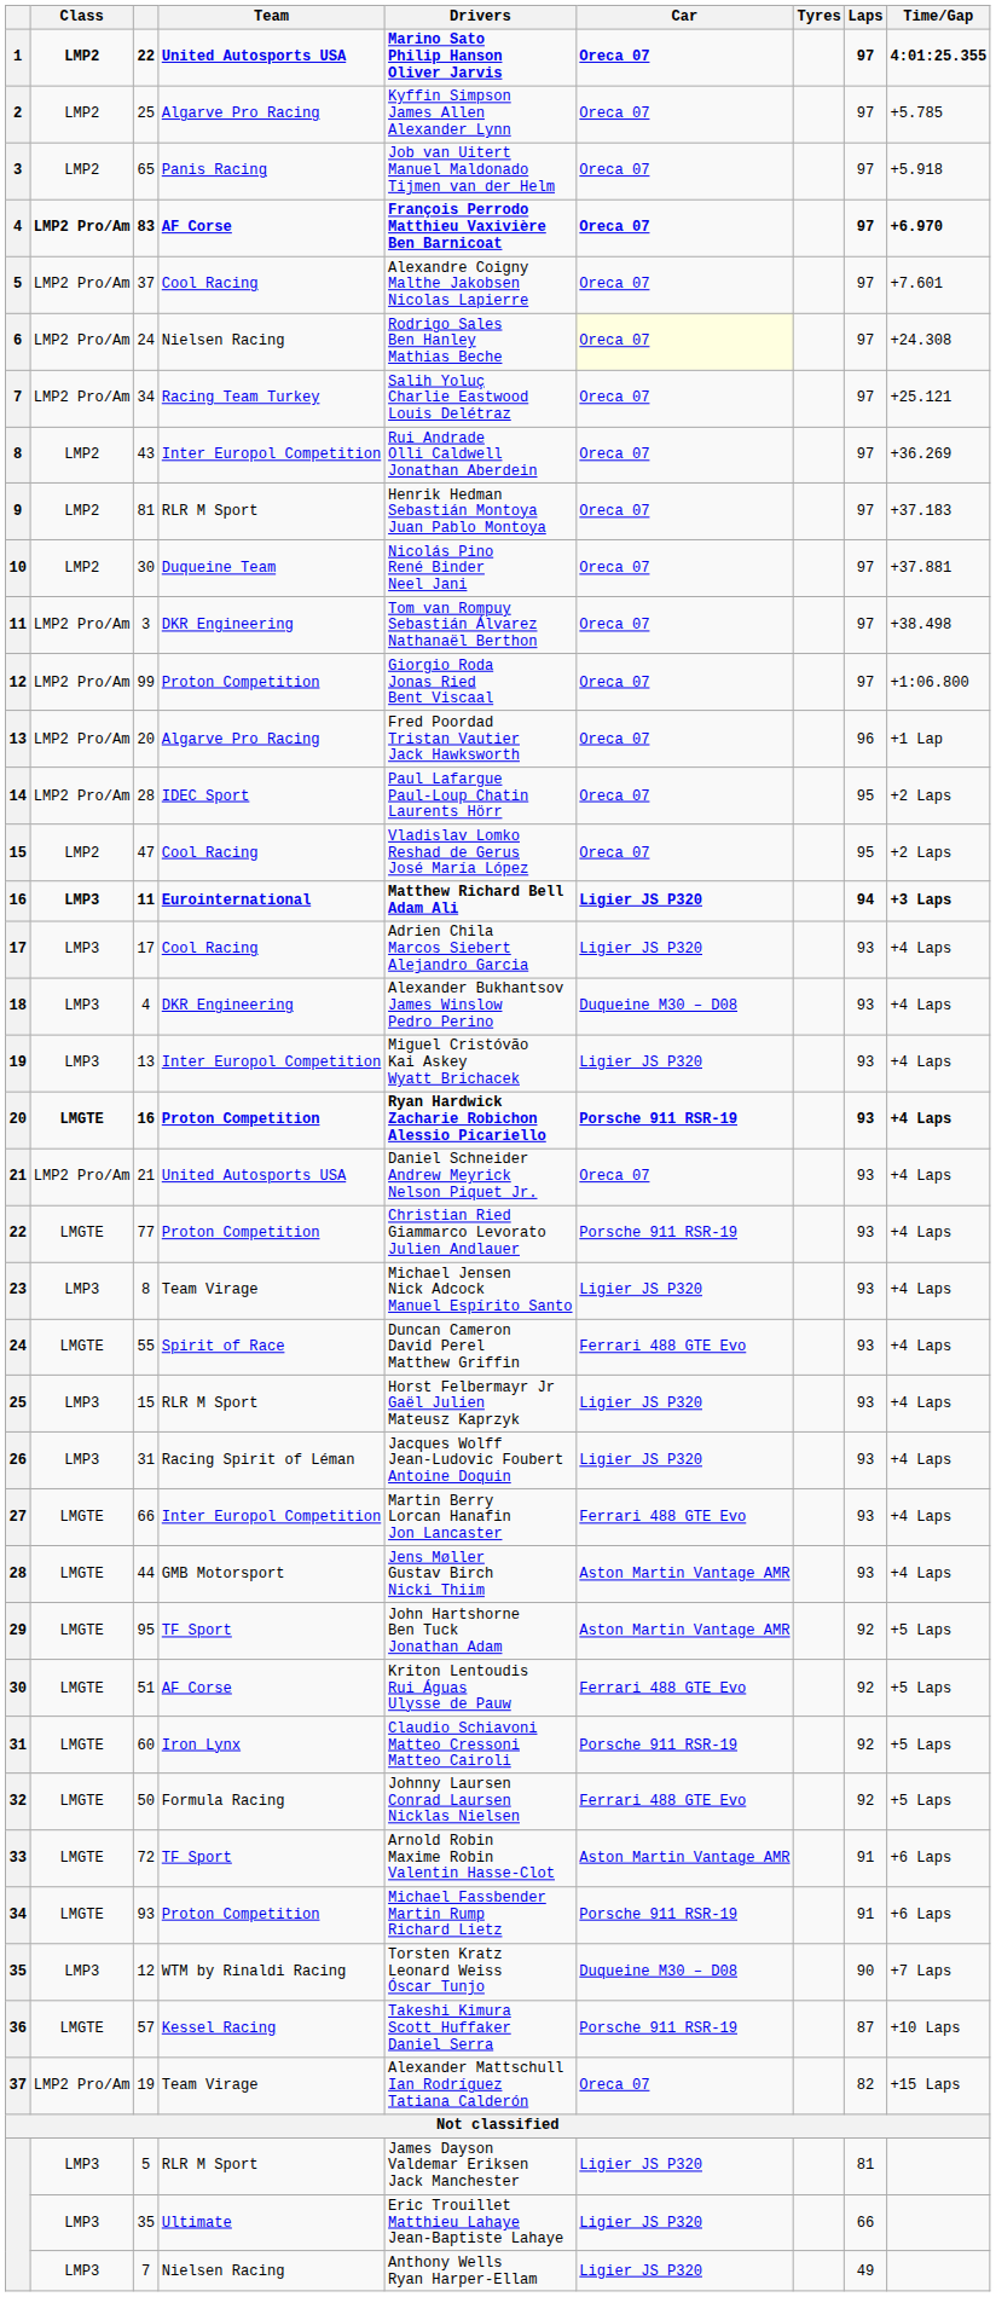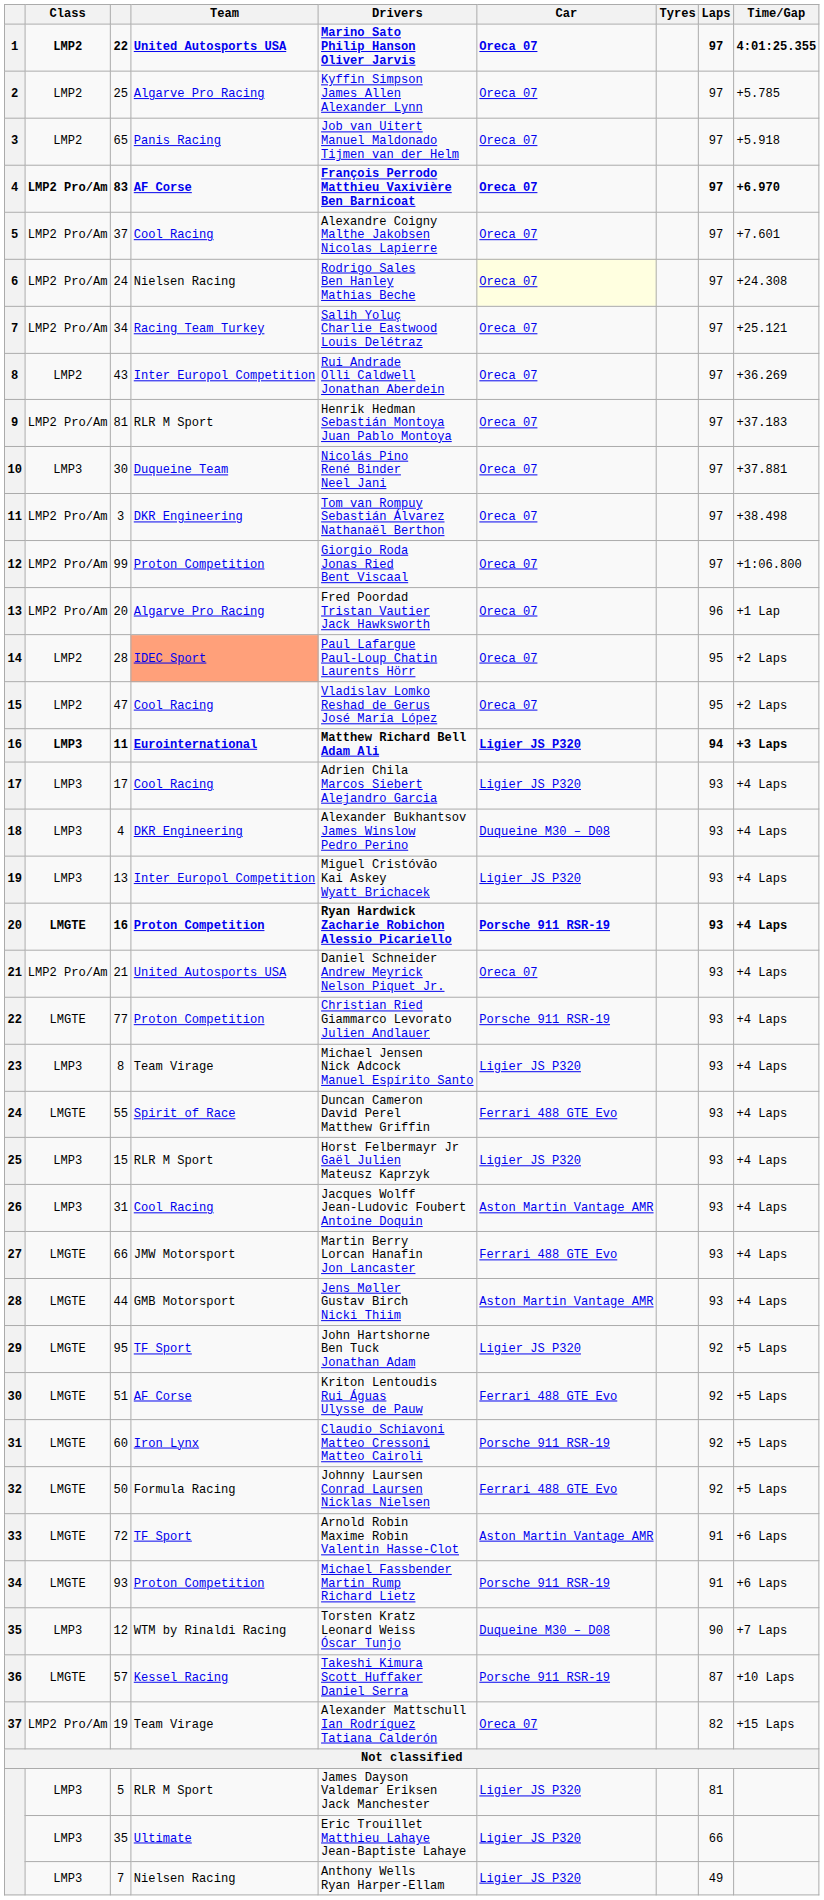 <table class="wikitable" style="font-size:95%;">
 <tr>
 <th></th>
 <th>Class</th>
 <th></th>
 <th>Team</th>
 <th>Drivers</th>
 <th>Car</th>
 <th>Tyres</th>
 <th>Laps</th>
 <th>Time/Gap</th>
 </tr>
 <tr style="font-weight: bold;">
 <th>1</th>
 <td align="center">LMP2</td>
 <td align="center">22</td>
 <td> <a href='#'>United Autosports USA</a></td>
 <td> <a href='#'>Marino Sato</a><br> <a href='#'>Philip Hanson</a><br> <a href='#'>Oliver Jarvis</a></td>
 <td><a href='#'>Oreca 07</a></td>
 <td align="center"></td>
 <td align="center">97</td>
 <td align="center">4:01:25.355</td>
 </tr>
 <tr>
 <th>2</th>
 <td align="center">LMP2</td>
 <td align="center">25</td>
 <td> <a href='#'>Algarve Pro Racing</a></td>
 <td> <a href='#'>Kyffin Simpson</a><br> <a href='#'>James Allen</a><br> <a href='#'>Alexander Lynn</a></td>
 <td><a href='#'>Oreca 07</a></td>
 <td align="center"></td>
 <td align="center">97</td>
 <td>+5.785</td>
 </tr>
 <tr>
 <th>3</th>
 <td align="center">LMP2</td>
 <td align="center">65</td>
 <td> <a href='#'>Panis Racing</a></td>
 <td> <a href='#'>Job van Uitert</a><br> <a href='#'>Manuel Maldonado</a><br> <a href='#'>Tijmen van der Helm</a></td>
 <td><a href='#'>Oreca 07</a></td>
 <td align="center"></td>
 <td align="center">97</td>
 <td>+5.918</td>
 </tr>
 <tr style="font-weight: bold;">
 <th>4</th>
 <td align="center">LMP2 Pro/Am</td>
 <td align="center">83</td>
 <td> <a href='#'>AF Corse</a></td>
 <td> <a href='#'>François Perrodo</a><br> <a href='#'>Matthieu Vaxivière</a><br> <a href='#'>Ben Barnicoat</a></td>
 <td><a href='#'>Oreca 07</a></td>
 <td align="center"></td>
 <td align="center">97</td>
 <td>+6.970</td>
 </tr>
 <tr>
 <th>5</th>
 <td align="center">LMP2 Pro/Am</td>
 <td align="center">37</td>
 <td> <a href='#'>Cool Racing</a></td>
 <td> Alexandre Coigny<br> <a href='#'>Malthe Jakobsen</a><br> <a href='#'>Nicolas Lapierre</a></td>
 <td><a href='#'>Oreca 07</a></td>
 <td align="center"></td>
 <td align="center">97</td>
 <td>+7.601</td>
 </tr>
 <tr>
 <th>6</th>
 <td align="center">LMP2 Pro/Am</td>
 <td align="center">24</td>
 <td> Nielsen Racing</td>
 <td> <a href='#'>Rodrigo Sales</a><br> <a href='#'>Ben Hanley</a><br> <a href='#'>Mathias Beche</a></td>
 <td style="background: lightyellow;"><a href='#'>Oreca 07</a></td>
 <td align="center"></td>
 <td align="center">97</td>
 <td>+24.308</td>
 </tr>
 <tr>
 <th>7</th>
 <td align="center">LMP2 Pro/Am</td>
 <td align="center">34</td>
 <td> <a href='#'>Racing Team Turkey</a></td>
 <td> <a href='#'>Salih Yoluç</a><br> <a href='#'>Charlie Eastwood</a><br> <a href='#'>Louis Delétraz</a></td>
 <td><a href='#'>Oreca 07</a></td>
 <td align="center"></td>
 <td align="center">97</td>
 <td>+25.121</td>
 </tr>
 <tr>
 <th>8</th>
 <td align="center">LMP2</td>
 <td align="center">43</td>
 <td> <a href='#'>Inter Europol Competition</a></td>
 <td> <a href='#'>Rui Andrade</a><br> <a href='#'>Olli Caldwell</a><br> <a href='#'>Jonathan Aberdein</a></td>
 <td><a href='#'>Oreca 07</a></td>
 <td align="center"></td>
 <td align="center">97</td>
 <td>+36.269</td>
 </tr>
 <tr>
 <th>9</th>
-<td align="center">LMP2</td>
+<td align="center">LMP2 Pro/Am</td>
 <td align="center">81</td>
 <td> RLR M Sport</td>
 <td> Henrik Hedman<br> <a href='#'>Sebastián Montoya</a><br> <a href='#'>Juan Pablo Montoya</a></td>
 <td><a href='#'>Oreca 07</a></td>
 <td align="center"></td>
 <td align="center">97</td>
 <td>+37.183</td>
 </tr>
 <tr>
 <th>10</th>
-<td align="center">LMP2</td>
+<td align="center">LMP3</td>
 <td align="center">30</td>
 <td> <a href='#'>Duqueine Team</a></td>
 <td> <a href='#'>Nicolás Pino</a><br> <a href='#'>René Binder</a><br> <a href='#'>Neel Jani</a></td>
 <td><a href='#'>Oreca 07</a></td>
 <td align="center"></td>
 <td align="center">97</td>
 <td>+37.881</td>
 </tr>
 <tr>
 <th>11</th>
 <td align="center">LMP2 Pro/Am</td>
 <td align="center">3</td>
 <td> <a href='#'>DKR Engineering</a></td>
 <td> <a href='#'>Tom van Rompuy</a><br> <a href='#'>Sebastián Álvarez</a><br> <a href='#'>Nathanaël Berthon</a></td>
 <td><a href='#'>Oreca 07</a></td>
 <td align="center"></td>
 <td align="center">97</td>
 <td>+38.498</td>
 </tr>
 <tr>
 <th>12</th>
 <td align="center">LMP2 Pro/Am</td>
 <td align="center">99</td>
 <td> <a href='#'>Proton Competition</a></td>
 <td> <a href='#'>Giorgio Roda</a><br> <a href='#'>Jonas Ried</a><br> <a href='#'>Bent Viscaal</a></td>
 <td><a href='#'>Oreca 07</a></td>
 <td align="center"></td>
 <td align="center">97</td>
 <td>+1:06.800</td>
 </tr>
 <tr>
 <th>13</th>
 <td align="center">LMP2 Pro/Am</td>
 <td align="center">20</td>
 <td> <a href='#'>Algarve Pro Racing</a></td>
 <td> Fred Poordad<br> <a href='#'>Tristan Vautier</a><br> <a href='#'>Jack Hawksworth</a></td>
 <td><a href='#'>Oreca 07</a></td>
 <td align="center"></td>
 <td align="center">96</td>
 <td>+1 Lap</td>
 </tr>
 <tr>
 <th>14</th>
-<td align="center">LMP2 Pro/Am</td>
+<td align="center">LMP2</td>
 <td align="center">28</td>
-<td> <a href='#'>IDEC Sport</a></td>
+<td style="background: lightsalmon;"> <a href='#'>IDEC Sport</a></td>
 <td> <a href='#'>Paul Lafargue</a><br> <a href='#'>Paul-Loup Chatin</a><br> <a href='#'>Laurents Hörr</a></td>
 <td><a href='#'>Oreca 07</a></td>
 <td align="center"></td>
 <td align="center">95</td>
 <td>+2 Laps</td>
 </tr>
 <tr>
 <th>15</th>
 <td align="center">LMP2</td>
 <td align="center">47</td>
 <td> <a href='#'>Cool Racing</a></td>
 <td> <a href='#'>Vladislav Lomko</a><br> <a href='#'>Reshad de Gerus</a><br> <a href='#'>José María López</a></td>
 <td><a href='#'>Oreca 07</a></td>
 <td align="center"></td>
 <td align="center">95</td>
 <td>+2 Laps</td>
 </tr>
 <tr style="font-weight: bold;">
 <th>16</th>
 <td align="center">LMP3</td>
 <td align="center">11</td>
 <td> <a href='#'>Eurointernational</a></td>
 <td> Matthew Richard Bell<br> <a href='#'>Adam Ali</a></td>
 <td><a href='#'>Ligier JS P320</a></td>
 <td align="center"></td>
 <td align="center">94</td>
 <td>+3 Laps</td>
 </tr>
 <tr>
 <th>17</th>
 <td align="center">LMP3</td>
 <td align="center">17</td>
 <td> <a href='#'>Cool Racing</a></td>
 <td> Adrien Chila<br> <a href='#'>Marcos Siebert</a><br> <a href='#'>Alejandro Garcia</a></td>
 <td><a href='#'>Ligier JS P320</a></td>
 <td align="center"></td>
 <td align="center">93</td>
 <td>+4 Laps</td>
 </tr>
 <tr>
 <th>18</th>
 <td align="center">LMP3</td>
 <td align="center">4</td>
 <td> <a href='#'>DKR Engineering</a></td>
 <td> Alexander Bukhantsov<br> <a href='#'>James Winslow</a><br> <a href='#'>Pedro Perino</a></td>
 <td><a href='#'>Duqueine M30 – D08</a></td>
 <td align="center"></td>
 <td align="center">93</td>
 <td>+4 Laps</td>
 </tr>
 <tr>
 <th>19</th>
 <td align="center">LMP3</td>
 <td align="center">13</td>
 <td> <a href='#'>Inter Europol Competition</a></td>
 <td> Miguel Cristóvão<br> Kai Askey<br> <a href='#'>Wyatt Brichacek</a></td>
 <td><a href='#'>Ligier JS P320</a></td>
 <td align="center"></td>
 <td align="center">93</td>
 <td>+4 Laps</td>
 </tr>
 <tr style="font-weight: bold;">
 <th>20</th>
 <td align="center">LMGTE</td>
 <td align="center">16</td>
 <td> <a href='#'>Proton Competition</a></td>
 <td> Ryan Hardwick<br> <a href='#'>Zacharie Robichon</a><br> <a href='#'>Alessio Picariello</a></td>
 <td><a href='#'>Porsche 911 RSR-19</a></td>
 <td align="center"></td>
 <td align="center">93</td>
 <td>+4 Laps</td>
 </tr>
 <tr>
 <th>21</th>
 <td align="center">LMP2 Pro/Am</td>
 <td align="center">21</td>
 <td> <a href='#'>United Autosports USA</a></td>
 <td> Daniel Schneider<br> <a href='#'>Andrew Meyrick</a><br> <a href='#'>Nelson Piquet Jr.</a></td>
 <td><a href='#'>Oreca 07</a></td>
 <td align="center"></td>
 <td align="center">93</td>
 <td>+4 Laps</td>
 </tr>
 <tr>
 <th>22</th>
 <td align="center">LMGTE</td>
 <td align="center">77</td>
 <td> <a href='#'>Proton Competition</a></td>
 <td> <a href='#'>Christian Ried</a><br> Giammarco Levorato<br> <a href='#'>Julien Andlauer</a></td>
 <td><a href='#'>Porsche 911 RSR-19</a></td>
 <td align="center"></td>
 <td align="center">93</td>
 <td>+4 Laps</td>
 </tr>
 <tr>
 <th>23</th>
 <td align="center">LMP3</td>
 <td align="center">8</td>
 <td> Team Virage</td>
 <td> Michael Jensen<br> Nick Adcock<br> <a href='#'>Manuel Espírito Santo</a></td>
 <td><a href='#'>Ligier JS P320</a></td>
 <td align="center"></td>
 <td align="center">93</td>
 <td>+4 Laps</td>
 </tr>
 <tr>
 <th>24</th>
 <td align="center">LMGTE</td>
 <td align="center">55</td>
 <td> <a href='#'>Spirit of Race</a></td>
 <td> Duncan Cameron<br> David Perel<br> Matthew Griffin</td>
 <td><a href='#'>Ferrari 488 GTE Evo</a></td>
 <td align="center"></td>
 <td align="center">93</td>
 <td>+4 Laps</td>
 </tr>
 <tr>
 <th>25</th>
 <td align="center">LMP3</td>
 <td align="center">15</td>
 <td> RLR M Sport</td>
 <td> Horst Felbermayr Jr<br> <a href='#'>Gaël Julien</a><br> Mateusz Kaprzyk</td>
 <td><a href='#'>Ligier JS P320</a></td>
 <td align="center"></td>
 <td align="center">93</td>
 <td>+4 Laps</td>
 </tr>
 <tr>
 <th>26</th>
 <td align="center">LMP3</td>
 <td align="center">31</td>
-<td> Racing Spirit of Léman</td>
+<td> <a href='#'>Cool Racing</a></td>
 <td> Jacques Wolff<br> Jean-Ludovic Foubert<br> <a href='#'>Antoine Doquin</a></td>
-<td><a href='#'>Ligier JS P320</a></td>
+<td><a href='#'>Aston Martin Vantage AMR</a></td>
 <td align="center"></td>
 <td align="center">93</td>
 <td>+4 Laps</td>
 </tr>
 <tr>
 <th>27</th>
 <td align="center">LMGTE</td>
 <td align="center">66</td>
-<td> <a href='#'>Inter Europol Competition</a></td>
+<td> JMW Motorsport</td>
 <td> Martin Berry<br> Lorcan Hanafin<br> <a href='#'>Jon Lancaster</a></td>
 <td><a href='#'>Ferrari 488 GTE Evo</a></td>
 <td align="center"></td>
 <td align="center">93</td>
 <td>+4 Laps</td>
 </tr>
 <tr>
 <th>28</th>
 <td align="center">LMGTE</td>
 <td align="center">44</td>
 <td> GMB Motorsport</td>
 <td> <a href='#'>Jens Møller</a><br> Gustav Birch<br> <a href='#'>Nicki Thiim</a></td>
 <td><a href='#'>Aston Martin Vantage AMR</a></td>
 <td align="center"></td>
 <td align="center">93</td>
 <td>+4 Laps</td>
 </tr>
 <tr>
 <th>29</th>
 <td align="center">LMGTE</td>
 <td align="center">95</td>
 <td> <a href='#'>TF Sport</a></td>
 <td> John Hartshorne<br> Ben Tuck<br> <a href='#'>Jonathan Adam</a></td>
-<td><a href='#'>Aston Martin Vantage AMR</a></td>
+<td><a href='#'>Ligier JS P320</a></td>
 <td align="center"></td>
 <td align="center">92</td>
 <td>+5 Laps</td>
 </tr>
 <tr>
 <th>30</th>
 <td align="center">LMGTE</td>
 <td align="center">51</td>
 <td> <a href='#'>AF Corse</a></td>
 <td> Kriton Lentoudis<br> <a href='#'>Rui Águas</a><br> <a href='#'>Ulysse de Pauw</a></td>
 <td><a href='#'>Ferrari 488 GTE Evo</a></td>
 <td align="center"></td>
 <td align="center">92</td>
 <td>+5 Laps</td>
 </tr>
 <tr>
 <th>31</th>
 <td align="center">LMGTE</td>
 <td align="center">60</td>
 <td> <a href='#'>Iron Lynx</a></td>
 <td> <a href='#'>Claudio Schiavoni</a><br> <a href='#'>Matteo Cressoni</a><br> <a href='#'>Matteo Cairoli</a></td>
 <td><a href='#'>Porsche 911 RSR-19</a></td>
 <td align="center"></td>
 <td align="center">92</td>
 <td>+5 Laps</td>
 </tr>
 <tr>
 <th>32</th>
 <td align="center">LMGTE</td>
 <td align="center">50</td>
 <td> Formula Racing</td>
 <td> Johnny Laursen<br> <a href='#'>Conrad Laursen</a><br> <a href='#'>Nicklas Nielsen</a></td>
 <td><a href='#'>Ferrari 488 GTE Evo</a></td>
 <td align="center"></td>
 <td align="center">92</td>
 <td>+5 Laps</td>
 </tr>
 <tr>
 <th>33</th>
 <td align="center">LMGTE</td>
 <td align="center">72</td>
 <td> <a href='#'>TF Sport</a></td>
 <td> Arnold Robin<br> Maxime Robin<br> <a href='#'>Valentin Hasse-Clot</a></td>
 <td><a href='#'>Aston Martin Vantage AMR</a></td>
 <td align="center"></td>
 <td align="center">91</td>
 <td>+6 Laps</td>
 </tr>
 <tr>
 <th>34</th>
 <td align="center">LMGTE</td>
 <td align="center">93</td>
 <td> <a href='#'>Proton Competition</a></td>
 <td> <a href='#'>Michael Fassbender</a><br> <a href='#'>Martin Rump</a><br> <a href='#'>Richard Lietz</a></td>
 <td><a href='#'>Porsche 911 RSR-19</a></td>
 <td align="center"></td>
 <td align="center">91</td>
 <td>+6 Laps</td>
 </tr>
 <tr>
 <th>35</th>
 <td align="center">LMP3</td>
 <td align="center">12</td>
 <td> WTM by Rinaldi Racing</td>
 <td> Torsten Kratz<br> Leonard Weiss<br> <a href='#'>Óscar Tunjo</a></td>
 <td><a href='#'>Duqueine M30 – D08</a></td>
 <td align="center"></td>
 <td align="center">90</td>
 <td>+7 Laps</td>
 </tr>
 <tr>
 <th>36</th>
 <td align="center">LMGTE</td>
 <td align="center">57</td>
 <td> <a href='#'>Kessel Racing</a></td>
 <td> <a href='#'>Takeshi Kimura</a><br> <a href='#'>Scott Huffaker</a><br> <a href='#'>Daniel Serra</a></td>
 <td><a href='#'>Porsche 911 RSR-19</a></td>
 <td align="center"></td>
 <td align="center">87</td>
 <td>+10 Laps</td>
 </tr>
 <tr>
 <th>37</th>
 <td align="center">LMP2 Pro/Am</td>
 <td align="center">19</td>
 <td> Team Virage</td>
 <td> Alexander Mattschull<br> <a href='#'>Ian Rodríguez</a><br> <a href='#'>Tatiana Calderón</a></td>
 <td><a href='#'>Oreca 07</a></td>
 <td align="center"></td>
 <td align="center">82</td>
 <td>+15 Laps</td>
 </tr>
 <tr>
 <th colspan="9">Not classified</th>
 </tr>
 <tr>
 <th rowspan="3"></th>
 <td align="center">LMP3</td>
 <td align="center">5</td>
 <td> RLR M Sport</td>
 <td> James Dayson<br> Valdemar Eriksen<br> Jack Manchester</td>
 <td><a href='#'>Ligier JS P320</a></td>
 <td align="center"></td>
 <td align="center">81</td>
 <td></td>
 </tr>
 <tr>
 <td align="center">LMP3</td>
 <td align="center">35</td>
 <td> <a href='#'>Ultimate</a></td>
 <td> Eric Trouillet<br> <a href='#'>Matthieu Lahaye</a><br> Jean-Baptiste Lahaye</td>
 <td><a href='#'>Ligier JS P320</a></td>
 <td align="center"></td>
 <td align="center">66</td>
 <td></td>
 </tr>
 <tr>
 <td align="center">LMP3</td>
 <td align="center">7</td>
 <td> Nielsen Racing</td>
 <td> Anthony Wells<br> Ryan Harper-Ellam</td>
 <td><a href='#'>Ligier JS P320</a></td>
 <td align="center"></td>
 <td align="center">49</td>
 <td></td>
 </tr>
 </table>
